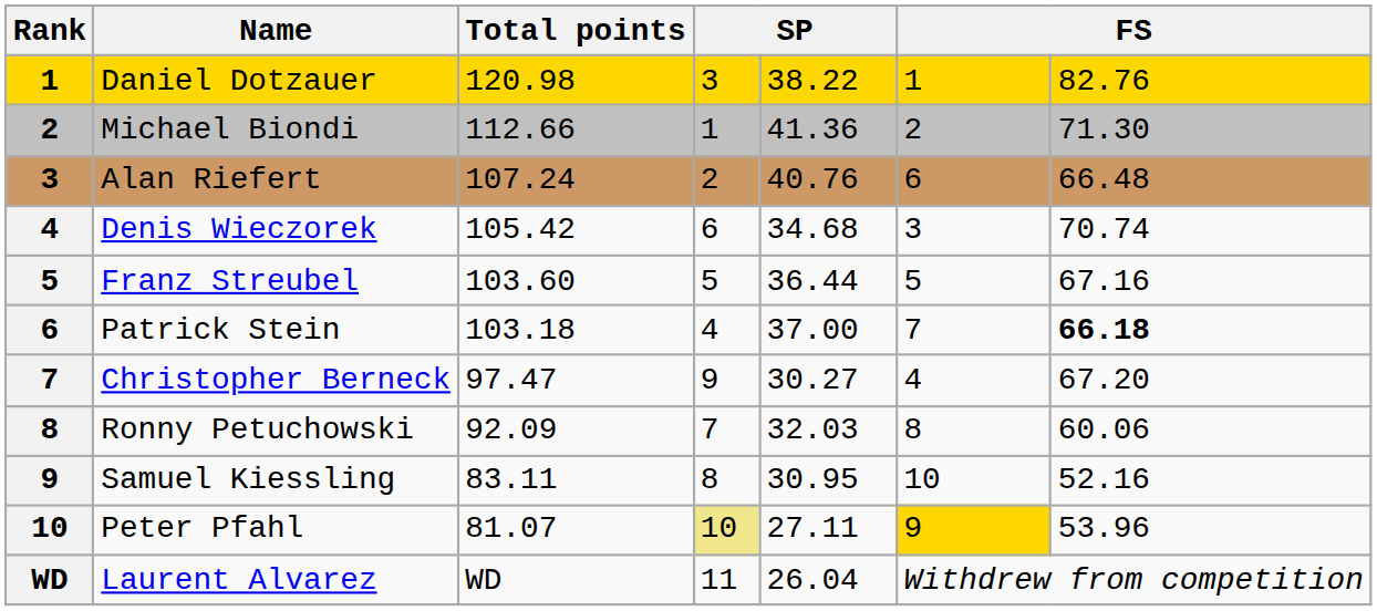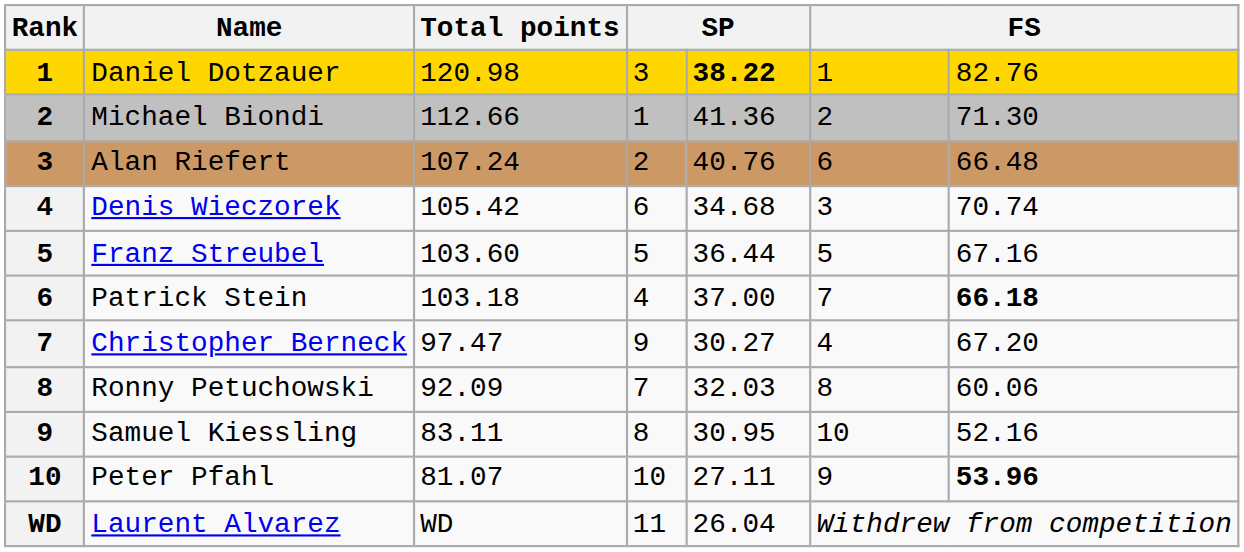 <table class="wikitable">
 <tr>
 <th>Rank</th>
 <th>Name</th>
 <th>Total points</th>
 <th colspan="2" width="80px">SP</th>
 <th colspan="2" width="80px">FS</th>
 </tr>
 <tr bgcolor="gold">
 <td align="center"><strong>1</strong></td>
 <td>Daniel Dotzauer</td>
 <td>120.98</td>
 <td>3</td>
-<td>38.22</td>
+<td><strong>38.22</strong></td>
 <td>1</td>
 <td>82.76</td>
 </tr>
 <tr bgcolor="silver">
 <td align="center"><strong>2</strong></td>
 <td>Michael Biondi</td>
 <td>112.66</td>
 <td>1</td>
 <td>41.36</td>
 <td>2</td>
 <td>71.30</td>
 </tr>
 <tr bgcolor="cc9966">
 <td align="center"><strong>3</strong></td>
 <td>Alan Riefert</td>
 <td>107.24</td>
 <td>2</td>
 <td>40.76</td>
 <td>6</td>
 <td>66.48</td>
 </tr>
 <tr>
 <th>4</th>
 <td><a href='#'>Denis Wieczorek</a></td>
 <td>105.42</td>
 <td>6</td>
 <td>34.68</td>
 <td>3</td>
 <td>70.74</td>
 </tr>
 <tr>
 <th>5</th>
 <td><a href='#'>Franz Streubel</a></td>
 <td>103.60</td>
 <td>5</td>
 <td>36.44</td>
 <td>5</td>
 <td>67.16</td>
 </tr>
 <tr>
 <th>6</th>
 <td>Patrick Stein</td>
 <td>103.18</td>
 <td>4</td>
 <td>37.00</td>
 <td>7</td>
 <td><strong>66.18</strong></td>
 </tr>
 <tr>
 <th>7</th>
 <td><a href='#'>Christopher Berneck</a></td>
 <td>97.47</td>
 <td>9</td>
 <td>30.27</td>
 <td>4</td>
 <td>67.20</td>
 </tr>
 <tr>
 <th>8</th>
 <td>Ronny Petuchowski</td>
 <td>92.09</td>
 <td>7</td>
 <td>32.03</td>
 <td>8</td>
 <td>60.06</td>
 </tr>
 <tr>
 <th>9</th>
 <td>Samuel Kiessling</td>
 <td>83.11</td>
 <td>8</td>
 <td>30.95</td>
 <td>10</td>
 <td>52.16</td>
 </tr>
 <tr>
 <th>10</th>
 <td>Peter Pfahl</td>
 <td>81.07</td>
-<td style="background: khaki;">10</td>
+<td>10</td>
 <td>27.11</td>
-<td style="background: gold;">9</td>
-<td>53.96</td>
+<td>9</td>
+<td><strong>53.96</strong></td>
 </tr>
 <tr>
 <th>WD</th>
 <td> <a href='#'>Laurent Alvarez</a></td>
 <td>WD</td>
 <td>11</td>
 <td>26.04</td>
 <td colspan="2"><em>Withdrew from competition</em></td>
 </tr>
 </table>
